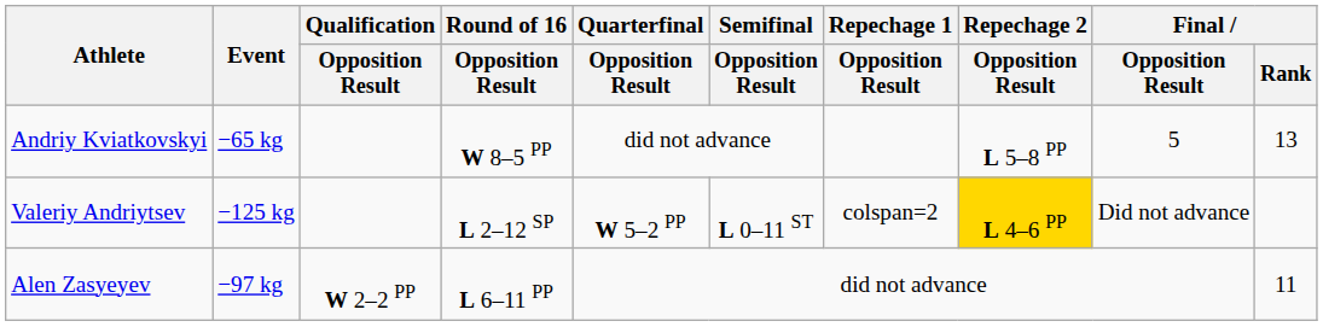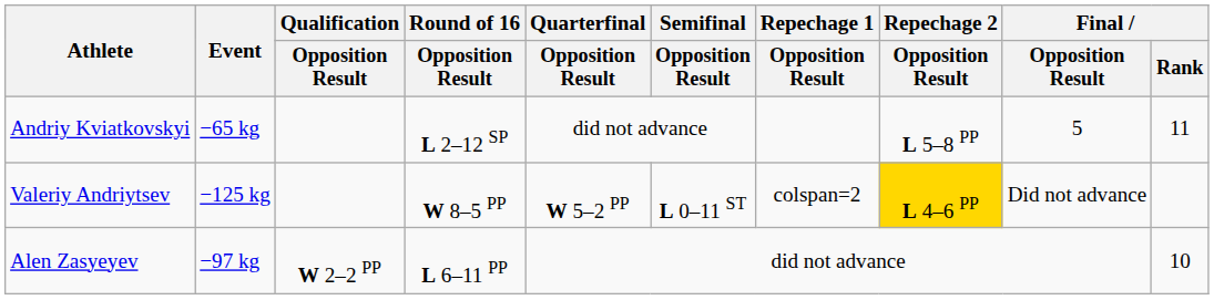 <table class="wikitable" style="font-size:90%">
 <tr>
 <th rowspan=2>Athlete</th>
 <th rowspan=2>Event</th>
 <th>Qualification</th>
 <th>Round of 16</th>
 <th>Quarterfinal</th>
 <th>Semifinal</th>
 <th>Repechage 1</th>
 <th>Repechage 2</th>
 <th colspan=2>Final / </th>
 </tr>
 <tr style="font-size: 95%">
 <th>Opposition<br>Result</th>
 <th>Opposition<br>Result</th>
 <th>Opposition<br>Result</th>
 <th>Opposition<br>Result</th>
 <th>Opposition<br>Result</th>
 <th>Opposition<br>Result</th>
 <th>Opposition<br>Result</th>
 <th>Rank</th>
 </tr>
 <tr align=center>
 <td align=left><a href='#'>Andriy Kviatkovskyi</a></td>
 <td align=left><a href='#'>−65 kg</a></td>
 <td></td>
-<td><br><strong>W</strong> 8–5 <sup>PP</sup></td>
+<td><br><strong>L</strong> 2–12 <sup>SP</sup></td>
 <td colspan=2>did not advance</td>
 <td></td>
 <td><br><strong>L</strong> 5–8 <sup>PP</sup></td>
 <td>5</td>
-<td>13</td>
+<td>11</td>
 </tr>
 <tr align=center>
 <td align=left><a href='#'>Valeriy Andriytsev</a></td>
 <td align=left><a href='#'>−125 kg</a></td>
 <td></td>
-<td><br><strong>L</strong> 2–12 <sup>SP</sup></td>
+<td><br><strong>W</strong> 8–5 <sup>PP</sup></td>
 <td><br><strong>W</strong> 5–2 <sup>PP</sup></td>
 <td><br><strong>L</strong> 0–11 <sup>ST</sup></td>
 <td>colspan=2 </td>
 <td style="background: gold;"><br><strong>L</strong> 4–6 <sup>PP</sup></td>
 <td>Did not advance</td>
 </tr>
 <tr align=center>
 <td align=left><a href='#'>Alen Zasyeyev</a></td>
 <td align=left><a href='#'>−97 kg</a></td>
 <td><br><strong>W</strong> 2–2 <sup>PP</sup></td>
 <td><br><strong>L</strong> 6–11 <sup>PP</sup></td>
 <td colspan=5>did not advance</td>
-<td>11</td>
+<td>10</td>
 </tr>
 </table>
